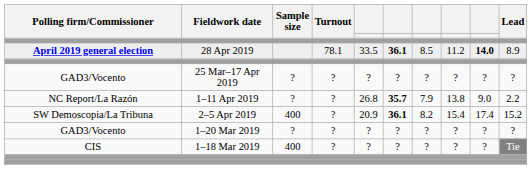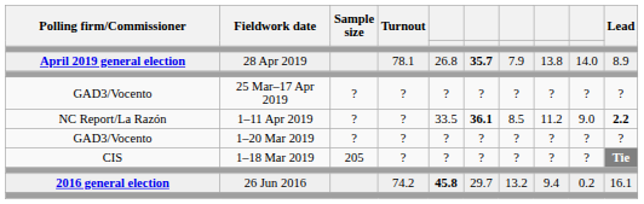 <table class="wikitable collapsible collapsed" style="text-align:center; font-size:95%; line-height:16px;">
 <tr style="height:42px;">
 <th style="width:250px;" rowspan="2">Polling firm/Commissioner</th>
 <th style="width:125px;" rowspan="2">Fieldwork date</th>
 <th style="width:50px;" rowspan="2">Sample size</th>
 <th style="width:45px;" rowspan="2">Turnout</th>
 <th style="width:35px;"></th>
 <th style="width:35px;"></th>
 <th style="width:35px;"></th>
 <th style="width:35px;"></th>
 <th style="width:35px;"></th>
 <th style="width:30px;" rowspan="2">Lead</th>
 </tr>
 <tr>
 <th style="color:inherit;background:"></th>
 <th style="color:inherit;background:"></th>
 <th style="color:inherit;background:"></th>
 <th style="color:inherit;background:"></th>
 <th style="color:inherit;background:"></th>
 </tr>
 <tr>
 <td colspan="10" style="background:#A0A0A0"></td>
 </tr>
 <tr style="background:#EFEFEF;">
 <td><strong><a href='#'>April 2019 general election</a></strong></td>
 <td>28 Apr 2019</td>
 <td></td>
 <td>78.1</td>
-<td>33.5<br></td>
-<td><strong>36.1</strong><br></td>
-<td>8.5<br></td>
-<td>11.2<br></td>
-<td><strong>14.0<br></strong></td>
+<td>26.8<br></td>
+<td><strong>35.7</strong><br></td>
+<td>7.9<br></td>
+<td>13.8<br></td>
+<td>14.0<br></td>
 <td style="background:">8.9</td>
 </tr>
 <tr>
 <td colspan="10" style="background:#A0A0A0"></td>
 </tr>
 <tr>
 <td>GAD3/Vocento</td>
 <td>25 Mar–17 Apr 2019</td>
 <td>?</td>
 <td>?</td>
 <td>?<br></td>
 <td>?<br></td>
 <td>?<br></td>
 <td>?<br></td>
 <td>?<br></td>
 <td style="background:">?</td>
 </tr>
 <tr>
 <td>NC Report/La Razón</td>
 <td>1–11 Apr 2019</td>
 <td>?</td>
 <td>?</td>
-<td>26.8<br></td>
-<td><strong>35.7</strong><br></td>
-<td>7.9<br></td>
-<td>13.8<br></td>
+<td>33.5<br></td>
+<td><strong>36.1</strong><br></td>
+<td>8.5<br></td>
+<td>11.2<br></td>
 <td>9.0<br></td>
-<td style="background:">2.2</td>
-</tr>
-<tr>
-<td>SW Demoscopia/La Tribuna</td>
-<td>2–5 Apr 2019</td>
-<td>400</td>
-<td>?</td>
-<td>20.9<br></td>
-<td><strong>36.1</strong><br></td>
-<td>8.2<br></td>
-<td>15.4<br></td>
-<td>17.4<br></td>
-<td style="background:">15.2</td>
+<td style="background:"><strong>2.2</strong></td>
 </tr>
 <tr>
 <td>GAD3/Vocento</td>
 <td>1–20 Mar 2019</td>
 <td>?</td>
 <td>?</td>
 <td>?<br></td>
 <td>?<br></td>
 <td>?<br></td>
 <td>?<br></td>
 <td>?<br></td>
 <td style="background:">?</td>
 </tr>
 <tr>
 <td>CIS</td>
 <td>1–18 Mar 2019</td>
-<td>400</td>
+<td>205</td>
 <td>?</td>
 <td>?<br></td>
 <td>?<br></td>
 <td>?<br></td>
 <td>?<br></td>
 <td>?<br></td>
-<td style="background:gray;color:white;">Tie</td>
+<td style="background:gray;color:white;"><strong>Tie</strong></td>
 </tr>
 <tr>
 <td colspan="10" style="background:#A0A0A0"></td>
+</tr>
+<tr style="background:#EFEFEF;">
+<td><strong><a href='#'>2016 general election</a></strong></td>
+<td>26 Jun 2016</td>
+<td></td>
+<td>74.2</td>
+<td><strong>45.8</strong><br></td>
+<td>29.7<br></td>
+<td>13.2<br></td>
+<td>9.4<br></td>
+<td>0.2<br></td>
+<td style="background:">16.1</td>
 </tr>
 <tr>
 <td colspan="10" style="background:#A0A0A0"></td>
 </tr>
 </table>
